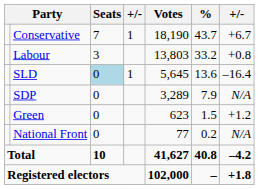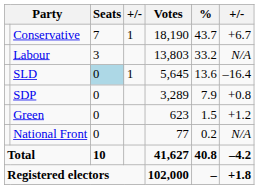 <table class="wikitable sortable">
 <tr>
 <th colspan="2">Party</th>
 <th>Seats</th>
 <th>+/-</th>
 <th>Votes</th>
 <th>%</th>
 <th>+/-</th>
 </tr>
 <tr>
 <td style="background-color: "></td>
 <td><a href='#'>Conservative</a></td>
 <td>7</td>
 <td> 1</td>
 <td style="text-align:right;">18,190</td>
 <td style="text-align:right;">43.7</td>
 <td style="text-align:right;">+6.7</td>
 </tr>
 <tr>
 <td style="background-color: "></td>
 <td><a href='#'>Labour</a></td>
 <td>3</td>
 <td></td>
 <td style="text-align:right;">13,803</td>
 <td style="text-align:right;">33.2</td>
-<td style="text-align:right;">+0.8</td>
+<td style="text-align:right;"><em>N/A</em></td>
 </tr>
 <tr>
 <td style="background-color: "></td>
 <td><a href='#'>SLD</a></td>
 <td style="background: lightblue;">0</td>
 <td> 1</td>
 <td style="text-align:right;">5,645</td>
 <td style="text-align:right;">13.6</td>
 <td style="text-align:right;">–16.4</td>
 </tr>
 <tr>
 <td style="background-color: "></td>
 <td><a href='#'>SDP</a></td>
 <td>0</td>
 <td></td>
 <td style="text-align:right;">3,289</td>
 <td style="text-align:right;">7.9</td>
-<td style="text-align:right;"><em>N/A</em></td>
+<td style="text-align:right;">+0.8</td>
 </tr>
 <tr>
 <td style="background-color: "></td>
 <td><a href='#'>Green</a></td>
 <td>0</td>
 <td></td>
 <td style="text-align:right;">623</td>
 <td style="text-align:right;">1.5</td>
 <td style="text-align:right;">+1.2</td>
 </tr>
 <tr>
 <td style="background-color: "></td>
 <td><a href='#'>National Front</a></td>
 <td>0</td>
 <td></td>
 <td style="text-align:right;">77</td>
 <td style="text-align:right;">0.2</td>
 <td style="text-align:right;"><em>N/A</em></td>
 </tr>
 <tr>
 <td colspan="2"><strong>Total</strong></td>
 <td><strong>10</strong></td>
 <td></td>
 <td style="text-align:right;"><strong>41,627</strong></td>
 <td style="text-align:right;"><strong>40.8</strong></td>
 <td style="text-align:right;"><strong>–4.2</strong></td>
 </tr>
 <tr>
 <td colspan="4"><strong>Registered electors</strong></td>
 <td style="text-align:right;"><strong>102,000</strong></td>
 <td style="text-align:right;"><strong>–</strong></td>
 <td style="text-align:right;"><strong>+1.8</strong></td>
 </tr>
 </table>
